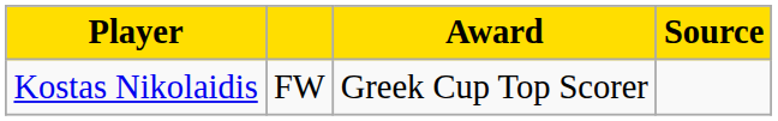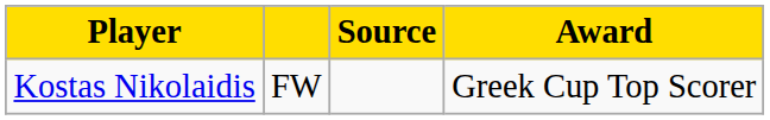 <table class="wikitable">
 <tr>
 <th style="background:#FFDE00">Player</th>
 <th style="background:#FFDE00"></th>
+<th style="background:#FFDE00">Source</th>
 <th style="background:#FFDE00">Award</th>
-<th style="background:#FFDE00">Source</th>
 </tr>
 <tr>
 <td> <a href='#'>Kostas Nikolaidis</a></td>
 <td align="center">FW</td>
+<td align="center"></td>
 <td align="center">Greek Cup Top Scorer</td>
-<td align="center"></td>
 </tr>
 </table>
